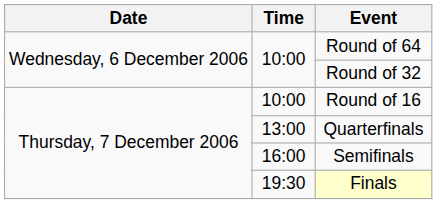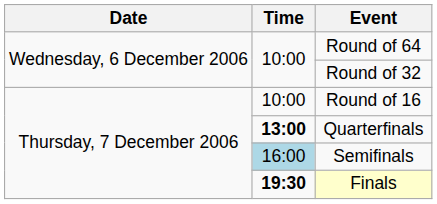 <table class = "wikitable" style="text-align:center;">
 <tr>
 <th width=220>Date</th>
 <th width=50>Time</th>
 <th width=100>Event</th>
 </tr>
 <tr>
 <td rowspan=2>Wednesday, 6 December 2006</td>
 <td rowspan=2>10:00</td>
 <td>Round of 64</td>
 </tr>
 <tr>
 <td>Round of 32</td>
 </tr>
 <tr>
 <td rowspan=4>Thursday, 7 December 2006</td>
 <td>10:00</td>
 <td>Round of 16</td>
 </tr>
 <tr>
-<td>13:00</td>
+<td><strong>13:00</strong></td>
 <td>Quarterfinals</td>
 </tr>
 <tr>
-<td>16:00</td>
+<td style="background: lightblue;">16:00</td>
 <td>Semifinals</td>
 </tr>
 <tr>
-<td>19:30</td>
+<td><strong>19:30</strong></td>
 <td bgcolor=ffffcc>Finals</td>
 </tr>
 </table>
